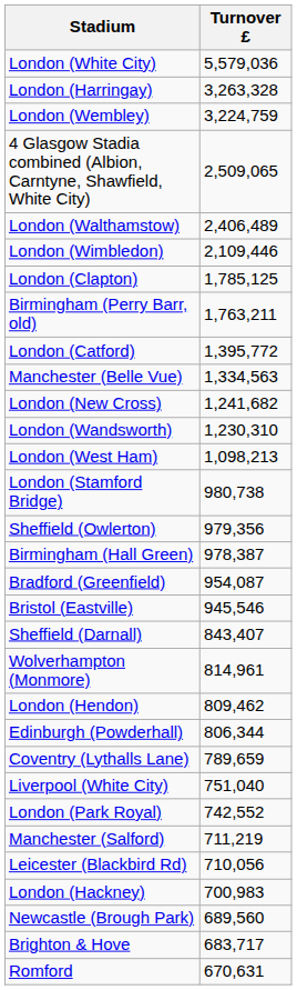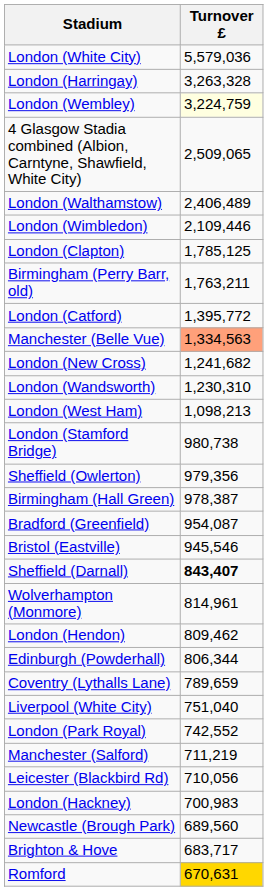 <table class="wikitable">
 <tr>
 <th width=180>Stadium</th>
 <th width=80>Turnover £</th>
 </tr>
 <tr>
 <td><a href='#'>London (White City)</a></td>
 <td>5,579,036</td>
 </tr>
 <tr>
 <td><a href='#'>London (Harringay)</a></td>
 <td>3,263,328</td>
 </tr>
 <tr>
 <td><a href='#'>London (Wembley)</a></td>
-<td>3,224,759</td>
+<td style="background: lightyellow;">3,224,759</td>
 </tr>
 <tr>
 <td>4 Glasgow Stadia combined (Albion, Carntyne, Shawfield, White City)</td>
 <td>2,509,065</td>
 </tr>
 <tr>
 <td><a href='#'>London (Walthamstow)</a></td>
 <td>2,406,489</td>
 </tr>
 <tr>
 <td><a href='#'>London (Wimbledon)</a></td>
 <td>2,109,446</td>
 </tr>
 <tr>
 <td><a href='#'>London (Clapton)</a></td>
 <td>1,785,125</td>
 </tr>
 <tr>
 <td><a href='#'>Birmingham (Perry Barr, old)</a></td>
 <td>1,763,211</td>
 </tr>
 <tr>
 <td><a href='#'>London (Catford)</a></td>
 <td>1,395,772</td>
 </tr>
 <tr>
 <td><a href='#'>Manchester (Belle Vue)</a></td>
-<td>1,334,563</td>
+<td style="background: lightsalmon;">1,334,563</td>
 </tr>
 <tr>
 <td><a href='#'>London (New Cross)</a></td>
 <td>1,241,682</td>
 </tr>
 <tr>
 <td><a href='#'>London (Wandsworth)</a></td>
 <td>1,230,310</td>
 </tr>
 <tr>
 <td><a href='#'>London (West Ham)</a></td>
 <td>1,098,213</td>
 </tr>
 <tr>
 <td><a href='#'>London (Stamford Bridge)</a></td>
 <td>980,738</td>
 </tr>
 <tr>
 <td><a href='#'>Sheffield (Owlerton)</a></td>
 <td>979,356</td>
 </tr>
 <tr>
 <td><a href='#'>Birmingham (Hall Green)</a></td>
 <td>978,387</td>
 </tr>
 <tr>
 <td><a href='#'>Bradford (Greenfield)</a></td>
 <td>954,087</td>
 </tr>
 <tr>
 <td><a href='#'>Bristol (Eastville)</a></td>
 <td>945,546</td>
 </tr>
 <tr>
 <td><a href='#'>Sheffield (Darnall)</a></td>
-<td>843,407</td>
+<td><strong>843,407</strong></td>
 </tr>
 <tr>
 <td><a href='#'>Wolverhampton (Monmore)</a></td>
 <td>814,961</td>
 </tr>
 <tr>
 <td><a href='#'>London (Hendon)</a></td>
 <td>809,462</td>
 </tr>
 <tr>
 <td><a href='#'>Edinburgh (Powderhall)</a></td>
 <td>806,344</td>
 </tr>
 <tr>
 <td><a href='#'>Coventry (Lythalls Lane)</a></td>
 <td>789,659</td>
 </tr>
 <tr>
 <td><a href='#'>Liverpool (White City)</a></td>
 <td>751,040</td>
 </tr>
 <tr>
 <td><a href='#'>London (Park Royal)</a></td>
 <td>742,552</td>
 </tr>
 <tr>
 <td><a href='#'>Manchester (Salford)</a></td>
 <td>711,219</td>
 </tr>
 <tr>
 <td><a href='#'>Leicester (Blackbird Rd)</a></td>
 <td>710,056</td>
 </tr>
 <tr>
 <td><a href='#'>London (Hackney)</a></td>
 <td>700,983</td>
 </tr>
 <tr>
 <td><a href='#'>Newcastle (Brough Park)</a></td>
 <td>689,560</td>
 </tr>
 <tr>
 <td><a href='#'>Brighton & Hove</a></td>
 <td>683,717</td>
 </tr>
 <tr>
 <td><a href='#'>Romford</a></td>
-<td>670,631</td>
+<td style="background: gold;">670,631</td>
 </tr>
 </table>
